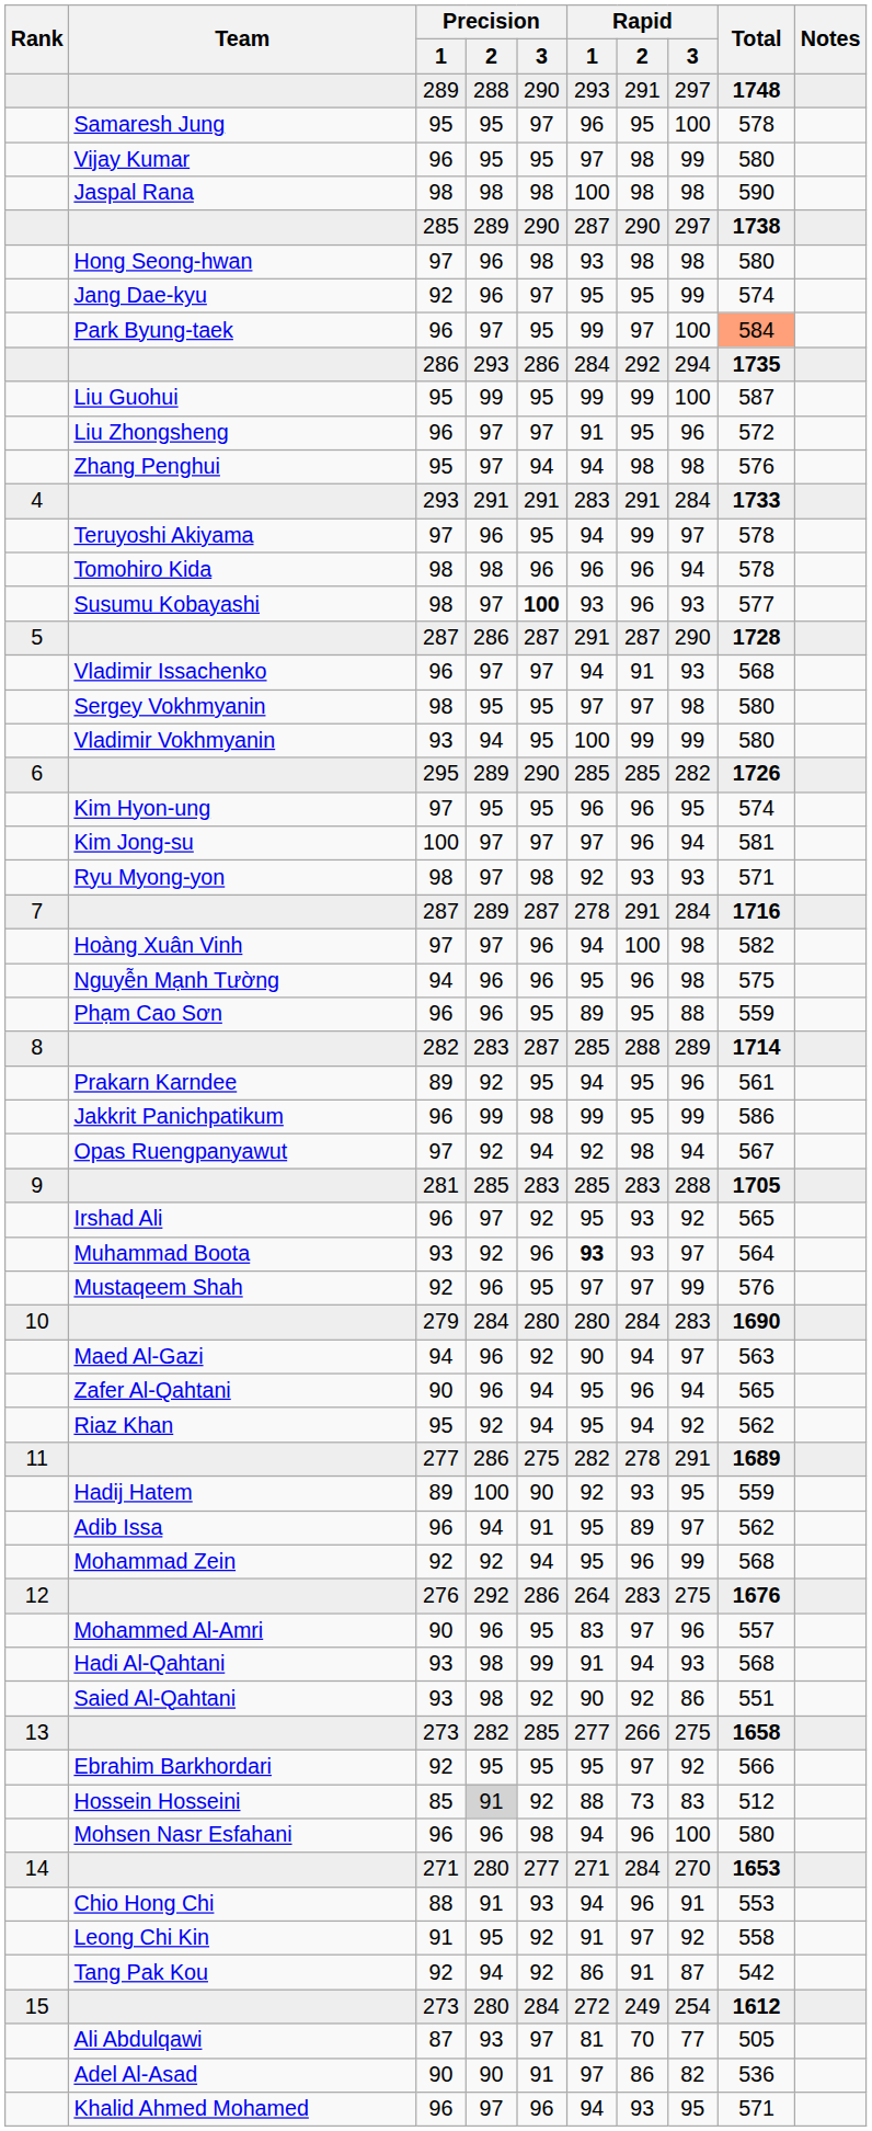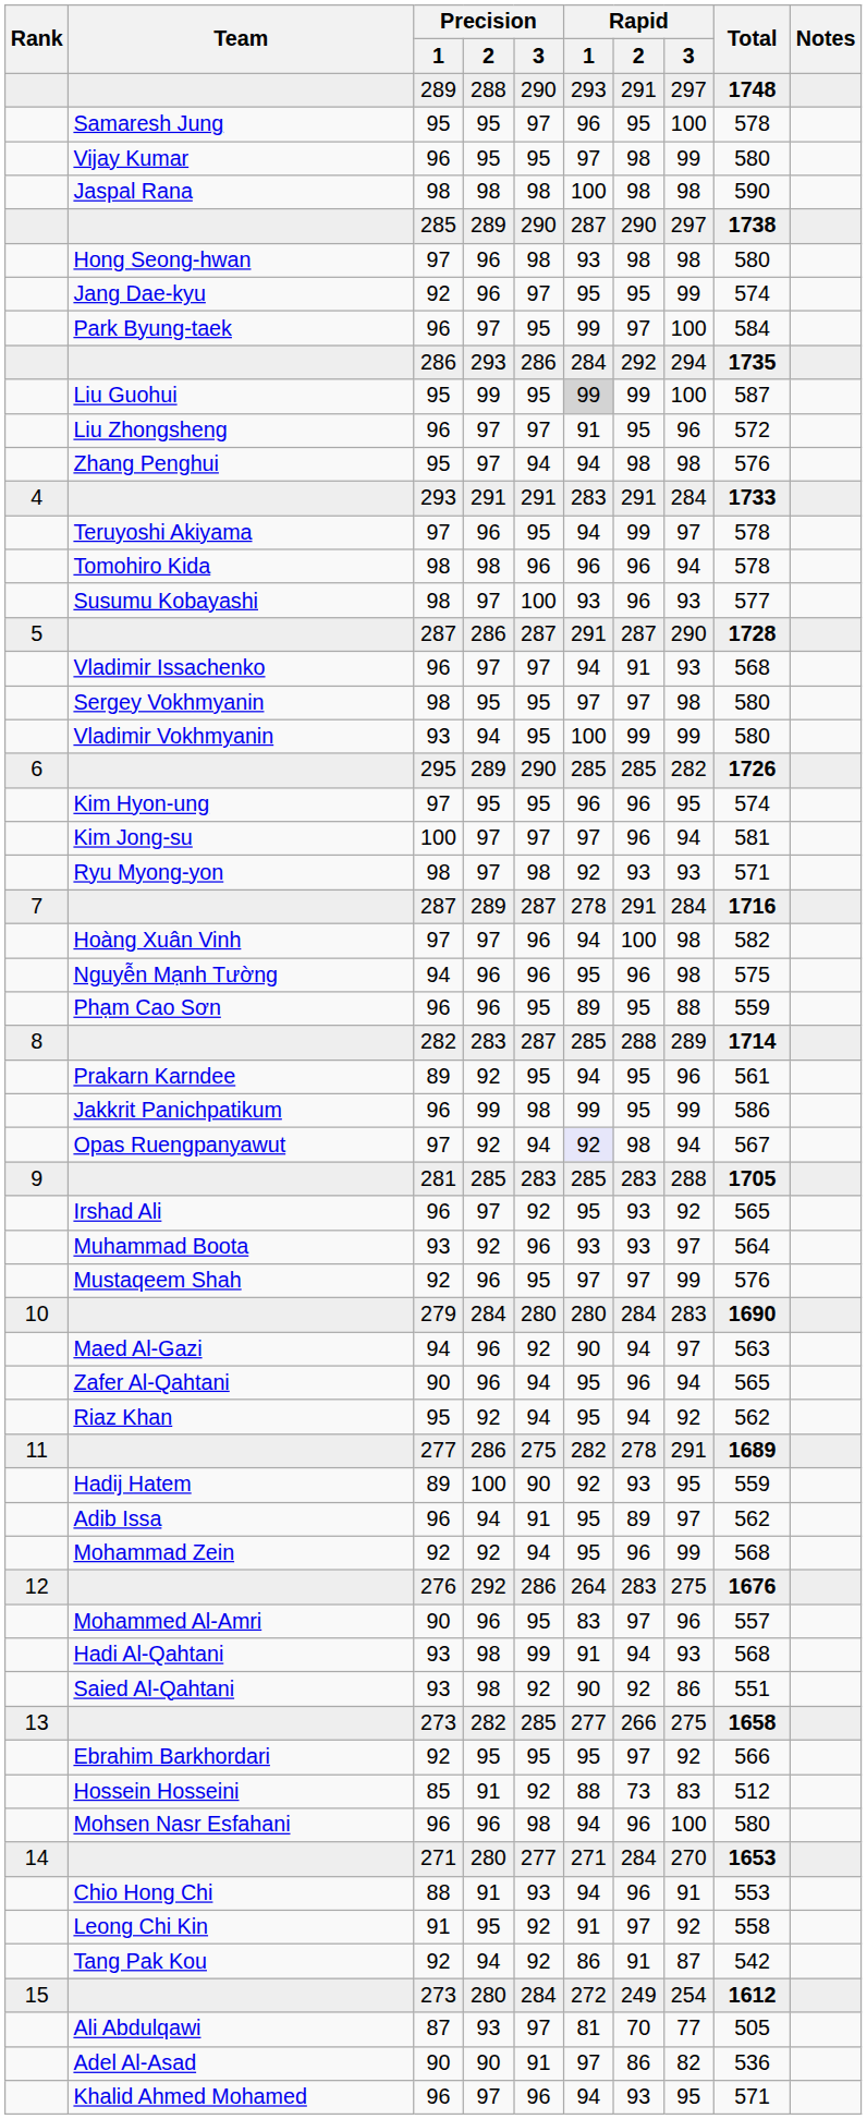 <table class="wikitable" style="text-align:center">
 <tr>
 <th rowspan=2 width=40>Rank</th>
 <th rowspan=2 width=250>Team</th>
 <th colspan=3>Precision</th>
 <th colspan=3>Rapid</th>
 <th rowspan=2 width=50>Total</th>
 <th rowspan=2 width=45>Notes</th>
 </tr>
 <tr>
 <th width=30>1</th>
 <th width=30>2</th>
 <th width=30>3</th>
 <th width=30>1</th>
 <th width=30>2</th>
 <th width=30>3</th>
 </tr>
 <tr bgcolor=eeeeee>
 <td></td>
 <td align=left></td>
 <td>289</td>
 <td>288</td>
 <td>290</td>
 <td>293</td>
 <td>291</td>
 <td>297</td>
 <td><strong>1748</strong></td>
 <td></td>
 </tr>
 <tr>
 <td></td>
 <td align=left><a href='#'>Samaresh Jung</a></td>
 <td>95</td>
 <td>95</td>
 <td>97</td>
 <td>96</td>
 <td>95</td>
 <td>100</td>
 <td>578</td>
 <td></td>
 </tr>
 <tr>
 <td></td>
 <td align=left><a href='#'>Vijay Kumar</a></td>
 <td>96</td>
 <td>95</td>
 <td>95</td>
 <td>97</td>
 <td>98</td>
 <td>99</td>
 <td>580</td>
 <td></td>
 </tr>
 <tr>
 <td></td>
 <td align=left><a href='#'>Jaspal Rana</a></td>
 <td>98</td>
 <td>98</td>
 <td>98</td>
 <td>100</td>
 <td>98</td>
 <td>98</td>
 <td>590</td>
 <td></td>
 </tr>
 <tr bgcolor=eeeeee>
 <td></td>
 <td align=left></td>
 <td>285</td>
 <td>289</td>
 <td>290</td>
 <td>287</td>
 <td>290</td>
 <td>297</td>
 <td><strong>1738</strong></td>
 <td></td>
 </tr>
 <tr>
 <td></td>
 <td align=left><a href='#'>Hong Seong-hwan</a></td>
 <td>97</td>
 <td>96</td>
 <td>98</td>
 <td>93</td>
 <td>98</td>
 <td>98</td>
 <td>580</td>
 <td></td>
 </tr>
 <tr>
 <td></td>
 <td align=left><a href='#'>Jang Dae-kyu</a></td>
 <td>92</td>
 <td>96</td>
 <td>97</td>
 <td>95</td>
 <td>95</td>
 <td>99</td>
 <td>574</td>
 <td></td>
 </tr>
 <tr>
 <td></td>
 <td align=left><a href='#'>Park Byung-taek</a></td>
 <td>96</td>
 <td>97</td>
 <td>95</td>
 <td>99</td>
 <td>97</td>
 <td>100</td>
-<td style="background: lightsalmon;">584</td>
+<td>584</td>
 <td></td>
 </tr>
 <tr bgcolor=eeeeee>
 <td></td>
 <td align=left></td>
 <td>286</td>
 <td>293</td>
 <td>286</td>
 <td>284</td>
 <td>292</td>
 <td>294</td>
 <td><strong>1735</strong></td>
 <td></td>
 </tr>
 <tr>
 <td></td>
 <td align=left><a href='#'>Liu Guohui</a></td>
 <td>95</td>
 <td>99</td>
 <td>95</td>
-<td>99</td>
+<td style="background: lightgrey;">99</td>
 <td>99</td>
 <td>100</td>
 <td>587</td>
 <td></td>
 </tr>
 <tr>
 <td></td>
 <td align=left><a href='#'>Liu Zhongsheng</a></td>
 <td>96</td>
 <td>97</td>
 <td>97</td>
 <td>91</td>
 <td>95</td>
 <td>96</td>
 <td>572</td>
 <td></td>
 </tr>
 <tr>
 <td></td>
 <td align=left><a href='#'>Zhang Penghui</a></td>
 <td>95</td>
 <td>97</td>
 <td>94</td>
 <td>94</td>
 <td>98</td>
 <td>98</td>
 <td>576</td>
 <td></td>
 </tr>
 <tr bgcolor=eeeeee>
 <td>4</td>
 <td align=left></td>
 <td>293</td>
 <td>291</td>
 <td>291</td>
 <td>283</td>
 <td>291</td>
 <td>284</td>
 <td><strong>1733</strong></td>
 <td></td>
 </tr>
 <tr>
 <td></td>
 <td align=left><a href='#'>Teruyoshi Akiyama</a></td>
 <td>97</td>
 <td>96</td>
 <td>95</td>
 <td>94</td>
 <td>99</td>
 <td>97</td>
 <td>578</td>
 <td></td>
 </tr>
 <tr>
 <td></td>
 <td align=left><a href='#'>Tomohiro Kida</a></td>
 <td>98</td>
 <td>98</td>
 <td>96</td>
 <td>96</td>
 <td>96</td>
 <td>94</td>
 <td>578</td>
 <td></td>
 </tr>
 <tr>
 <td></td>
 <td align=left><a href='#'>Susumu Kobayashi</a></td>
 <td>98</td>
 <td>97</td>
-<td><strong>100</strong></td>
+<td>100</td>
 <td>93</td>
 <td>96</td>
 <td>93</td>
 <td>577</td>
 <td></td>
 </tr>
 <tr bgcolor=eeeeee>
 <td>5</td>
 <td align=left></td>
 <td>287</td>
 <td>286</td>
 <td>287</td>
 <td>291</td>
 <td>287</td>
 <td>290</td>
 <td><strong>1728</strong></td>
 <td></td>
 </tr>
 <tr>
 <td></td>
 <td align=left><a href='#'>Vladimir Issachenko</a></td>
 <td>96</td>
 <td>97</td>
 <td>97</td>
 <td>94</td>
 <td>91</td>
 <td>93</td>
 <td>568</td>
 <td></td>
 </tr>
 <tr>
 <td></td>
 <td align=left><a href='#'>Sergey Vokhmyanin</a></td>
 <td>98</td>
 <td>95</td>
 <td>95</td>
 <td>97</td>
 <td>97</td>
 <td>98</td>
 <td>580</td>
 <td></td>
 </tr>
 <tr>
 <td></td>
 <td align=left><a href='#'>Vladimir Vokhmyanin</a></td>
 <td>93</td>
 <td>94</td>
 <td>95</td>
 <td>100</td>
 <td>99</td>
 <td>99</td>
 <td>580</td>
 <td></td>
 </tr>
 <tr bgcolor=eeeeee>
 <td>6</td>
 <td align=left></td>
 <td>295</td>
 <td>289</td>
 <td>290</td>
 <td>285</td>
 <td>285</td>
 <td>282</td>
 <td><strong>1726</strong></td>
 <td></td>
 </tr>
 <tr>
 <td></td>
 <td align=left><a href='#'>Kim Hyon-ung</a></td>
 <td>97</td>
 <td>95</td>
 <td>95</td>
 <td>96</td>
 <td>96</td>
 <td>95</td>
 <td>574</td>
 <td></td>
 </tr>
 <tr>
 <td></td>
 <td align=left><a href='#'>Kim Jong-su</a></td>
 <td>100</td>
 <td>97</td>
 <td>97</td>
 <td>97</td>
 <td>96</td>
 <td>94</td>
 <td>581</td>
 <td></td>
 </tr>
 <tr>
 <td></td>
 <td align=left><a href='#'>Ryu Myong-yon</a></td>
 <td>98</td>
 <td>97</td>
 <td>98</td>
 <td>92</td>
 <td>93</td>
 <td>93</td>
 <td>571</td>
 <td></td>
 </tr>
 <tr bgcolor=eeeeee>
 <td>7</td>
 <td align=left></td>
 <td>287</td>
 <td>289</td>
 <td>287</td>
 <td>278</td>
 <td>291</td>
 <td>284</td>
 <td><strong>1716</strong></td>
 <td></td>
 </tr>
 <tr>
 <td></td>
 <td align=left><a href='#'>Hoàng Xuân Vinh</a></td>
 <td>97</td>
 <td>97</td>
 <td>96</td>
 <td>94</td>
 <td>100</td>
 <td>98</td>
 <td>582</td>
 <td></td>
 </tr>
 <tr>
 <td></td>
 <td align=left><a href='#'>Nguyễn Mạnh Tường</a></td>
 <td>94</td>
 <td>96</td>
 <td>96</td>
 <td>95</td>
 <td>96</td>
 <td>98</td>
 <td>575</td>
 <td></td>
 </tr>
 <tr>
 <td></td>
 <td align=left><a href='#'>Phạm Cao Sơn</a></td>
 <td>96</td>
 <td>96</td>
 <td>95</td>
 <td>89</td>
 <td>95</td>
 <td>88</td>
 <td>559</td>
 <td></td>
 </tr>
 <tr bgcolor=eeeeee>
 <td>8</td>
 <td align=left></td>
 <td>282</td>
 <td>283</td>
 <td>287</td>
 <td>285</td>
 <td>288</td>
 <td>289</td>
 <td><strong>1714</strong></td>
 <td></td>
 </tr>
 <tr>
 <td></td>
 <td align=left><a href='#'>Prakarn Karndee</a></td>
 <td>89</td>
 <td>92</td>
 <td>95</td>
 <td>94</td>
 <td>95</td>
 <td>96</td>
 <td>561</td>
 <td></td>
 </tr>
 <tr>
 <td></td>
 <td align=left><a href='#'>Jakkrit Panichpatikum</a></td>
 <td>96</td>
 <td>99</td>
 <td>98</td>
 <td>99</td>
 <td>95</td>
 <td>99</td>
 <td>586</td>
 <td></td>
 </tr>
 <tr>
 <td></td>
 <td align=left><a href='#'>Opas Ruengpanyawut</a></td>
 <td>97</td>
 <td>92</td>
 <td>94</td>
-<td>92</td>
+<td style="background: lavender;">92</td>
 <td>98</td>
 <td>94</td>
 <td>567</td>
 <td></td>
 </tr>
 <tr bgcolor=eeeeee>
 <td>9</td>
 <td align=left></td>
 <td>281</td>
 <td>285</td>
 <td>283</td>
 <td>285</td>
 <td>283</td>
 <td>288</td>
 <td><strong>1705</strong></td>
 <td></td>
 </tr>
 <tr>
 <td></td>
 <td align=left><a href='#'>Irshad Ali</a></td>
 <td>96</td>
 <td>97</td>
 <td>92</td>
 <td>95</td>
 <td>93</td>
 <td>92</td>
 <td>565</td>
 <td></td>
 </tr>
 <tr>
 <td></td>
 <td align=left><a href='#'>Muhammad Boota</a></td>
 <td>93</td>
 <td>92</td>
 <td>96</td>
-<td><strong>93</strong></td>
+<td>93</td>
 <td>93</td>
 <td>97</td>
 <td>564</td>
 <td></td>
 </tr>
 <tr>
 <td></td>
 <td align=left><a href='#'>Mustaqeem Shah</a></td>
 <td>92</td>
 <td>96</td>
 <td>95</td>
 <td>97</td>
 <td>97</td>
 <td>99</td>
 <td>576</td>
 <td></td>
 </tr>
 <tr bgcolor=eeeeee>
 <td>10</td>
 <td align=left></td>
 <td>279</td>
 <td>284</td>
 <td>280</td>
 <td>280</td>
 <td>284</td>
 <td>283</td>
 <td><strong>1690</strong></td>
 <td></td>
 </tr>
 <tr>
 <td></td>
 <td align=left><a href='#'>Maed Al-Gazi</a></td>
 <td>94</td>
 <td>96</td>
 <td>92</td>
 <td>90</td>
 <td>94</td>
 <td>97</td>
 <td>563</td>
 <td></td>
 </tr>
 <tr>
 <td></td>
 <td align=left><a href='#'>Zafer Al-Qahtani</a></td>
 <td>90</td>
 <td>96</td>
 <td>94</td>
 <td>95</td>
 <td>96</td>
 <td>94</td>
 <td>565</td>
 <td></td>
 </tr>
 <tr>
 <td></td>
 <td align=left><a href='#'>Riaz Khan</a></td>
 <td>95</td>
 <td>92</td>
 <td>94</td>
 <td>95</td>
 <td>94</td>
 <td>92</td>
 <td>562</td>
 <td></td>
 </tr>
 <tr bgcolor=eeeeee>
 <td>11</td>
 <td align=left></td>
 <td>277</td>
 <td>286</td>
 <td>275</td>
 <td>282</td>
 <td>278</td>
 <td>291</td>
 <td><strong>1689</strong></td>
 <td></td>
 </tr>
 <tr>
 <td></td>
 <td align=left><a href='#'>Hadij Hatem</a></td>
 <td>89</td>
 <td>100</td>
 <td>90</td>
 <td>92</td>
 <td>93</td>
 <td>95</td>
 <td>559</td>
 <td></td>
 </tr>
 <tr>
 <td></td>
 <td align=left><a href='#'>Adib Issa</a></td>
 <td>96</td>
 <td>94</td>
 <td>91</td>
 <td>95</td>
 <td>89</td>
 <td>97</td>
 <td>562</td>
 <td></td>
 </tr>
 <tr>
 <td></td>
 <td align=left><a href='#'>Mohammad Zein</a></td>
 <td>92</td>
 <td>92</td>
 <td>94</td>
 <td>95</td>
 <td>96</td>
 <td>99</td>
 <td>568</td>
 <td></td>
 </tr>
 <tr bgcolor=eeeeee>
 <td>12</td>
 <td align=left></td>
 <td>276</td>
 <td>292</td>
 <td>286</td>
 <td>264</td>
 <td>283</td>
 <td>275</td>
 <td><strong>1676</strong></td>
 <td></td>
 </tr>
 <tr>
 <td></td>
 <td align=left><a href='#'>Mohammed Al-Amri</a></td>
 <td>90</td>
 <td>96</td>
 <td>95</td>
 <td>83</td>
 <td>97</td>
 <td>96</td>
 <td>557</td>
 <td></td>
 </tr>
 <tr>
 <td></td>
 <td align=left><a href='#'>Hadi Al-Qahtani</a></td>
 <td>93</td>
 <td>98</td>
 <td>99</td>
 <td>91</td>
 <td>94</td>
 <td>93</td>
 <td>568</td>
 <td></td>
 </tr>
 <tr>
 <td></td>
 <td align=left><a href='#'>Saied Al-Qahtani</a></td>
 <td>93</td>
 <td>98</td>
 <td>92</td>
 <td>90</td>
 <td>92</td>
 <td>86</td>
 <td>551</td>
 <td></td>
 </tr>
 <tr bgcolor=eeeeee>
 <td>13</td>
 <td align=left></td>
 <td>273</td>
 <td>282</td>
 <td>285</td>
 <td>277</td>
 <td>266</td>
 <td>275</td>
 <td><strong>1658</strong></td>
 <td></td>
 </tr>
 <tr>
 <td></td>
 <td align=left><a href='#'>Ebrahim Barkhordari</a></td>
 <td>92</td>
 <td>95</td>
 <td>95</td>
 <td>95</td>
 <td>97</td>
 <td>92</td>
 <td>566</td>
 <td></td>
 </tr>
 <tr>
 <td></td>
 <td align=left><a href='#'>Hossein Hosseini</a></td>
 <td>85</td>
-<td style="background: lightgrey;">91</td>
+<td>91</td>
 <td>92</td>
 <td>88</td>
 <td>73</td>
 <td>83</td>
 <td>512</td>
 <td></td>
 </tr>
 <tr>
 <td></td>
 <td align=left><a href='#'>Mohsen Nasr Esfahani</a></td>
 <td>96</td>
 <td>96</td>
 <td>98</td>
 <td>94</td>
 <td>96</td>
 <td>100</td>
 <td>580</td>
 <td></td>
 </tr>
 <tr bgcolor=eeeeee>
 <td>14</td>
 <td align=left></td>
 <td>271</td>
 <td>280</td>
 <td>277</td>
 <td>271</td>
 <td>284</td>
 <td>270</td>
 <td><strong>1653</strong></td>
 <td></td>
 </tr>
 <tr>
 <td></td>
 <td align=left><a href='#'>Chio Hong Chi</a></td>
 <td>88</td>
 <td>91</td>
 <td>93</td>
 <td>94</td>
 <td>96</td>
 <td>91</td>
 <td>553</td>
 <td></td>
 </tr>
 <tr>
 <td></td>
 <td align=left><a href='#'>Leong Chi Kin</a></td>
 <td>91</td>
 <td>95</td>
 <td>92</td>
 <td>91</td>
 <td>97</td>
 <td>92</td>
 <td>558</td>
 <td></td>
 </tr>
 <tr>
 <td></td>
 <td align=left><a href='#'>Tang Pak Kou</a></td>
 <td>92</td>
 <td>94</td>
 <td>92</td>
 <td>86</td>
 <td>91</td>
 <td>87</td>
 <td>542</td>
 <td></td>
 </tr>
 <tr bgcolor=eeeeee>
 <td>15</td>
 <td align=left></td>
 <td>273</td>
 <td>280</td>
 <td>284</td>
 <td>272</td>
 <td>249</td>
 <td>254</td>
 <td><strong>1612</strong></td>
 <td></td>
 </tr>
 <tr>
 <td></td>
 <td align=left><a href='#'>Ali Abdulqawi</a></td>
 <td>87</td>
 <td>93</td>
 <td>97</td>
 <td>81</td>
 <td>70</td>
 <td>77</td>
 <td>505</td>
 <td></td>
 </tr>
 <tr>
 <td></td>
 <td align=left><a href='#'>Adel Al-Asad</a></td>
 <td>90</td>
 <td>90</td>
 <td>91</td>
 <td>97</td>
 <td>86</td>
 <td>82</td>
 <td>536</td>
 <td></td>
 </tr>
 <tr>
 <td></td>
 <td align=left><a href='#'>Khalid Ahmed Mohamed</a></td>
 <td>96</td>
 <td>97</td>
 <td>96</td>
 <td>94</td>
 <td>93</td>
 <td>95</td>
 <td>571</td>
 <td></td>
 </tr>
 </table>
